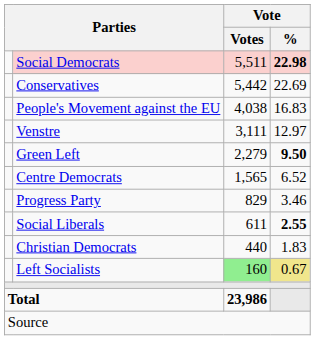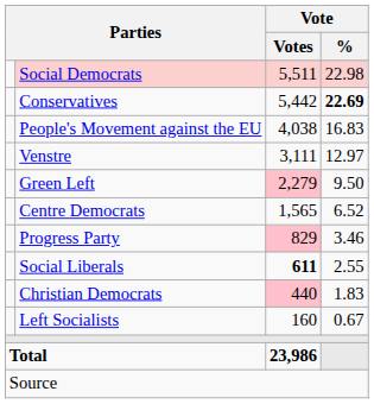 <table class="wikitable" style="text-align:right;">
 <tr>
 <th style="text-align:centre;" rowspan="2" colspan="2" width="225">Parties</th>
 <th colspan="3">Vote</th>
 </tr>
 <tr>
 <th width="15">Votes</th>
 <th width="15">%</th>
 </tr>
 <tr>
 <td width="2" style="color:inherit;background:"></td>
 <td bgcolor=#fbd0ce   align="left"><a href='#'>Social Democrats</a></td>
 <td bgcolor=#fbd0ce>5,511</td>
-<td bgcolor=#fbd0ce><strong>22.98</strong></td>
+<td bgcolor=#fbd0ce>22.98</td>
 </tr>
 <tr>
 <td width="2" style="color:inherit;background:"></td>
 <td align="left"><a href='#'>Conservatives</a></td>
 <td>5,442</td>
-<td>22.69</td>
+<td><strong>22.69</strong></td>
 </tr>
 <tr>
 <td width="2" style="color:inherit;background:"></td>
 <td align="left"><a href='#'>People's Movement against the EU</a></td>
 <td>4,038</td>
 <td>16.83</td>
 </tr>
 <tr>
 <td width="2" style="color:inherit;background:"></td>
 <td align="left"><a href='#'>Venstre</a></td>
 <td>3,111</td>
 <td>12.97</td>
 </tr>
 <tr>
 <td width="2" style="color:inherit;background:"></td>
 <td align="left"><a href='#'>Green Left</a></td>
-<td>2,279</td>
-<td><strong>9.50</strong></td>
+<td style="background: pink;">2,279</td>
+<td>9.50</td>
 </tr>
 <tr>
 <td width="2" style="color:inherit;background:"></td>
 <td align="left"><a href='#'>Centre Democrats</a></td>
 <td>1,565</td>
 <td>6.52</td>
 </tr>
 <tr>
 <td width="2" style="color:inherit;background:"></td>
 <td align="left"><a href='#'>Progress Party</a></td>
-<td>829</td>
+<td style="background: pink;">829</td>
 <td>3.46</td>
 </tr>
 <tr>
 <td width="2" style="color:inherit;background:"></td>
 <td align="left"><a href='#'>Social Liberals</a></td>
-<td>611</td>
-<td><strong>2.55</strong></td>
+<td><strong>611</strong></td>
+<td>2.55</td>
 </tr>
 <tr>
 <td width="2" style="color:inherit;background:"></td>
 <td align="left"><a href='#'>Christian Democrats</a></td>
-<td>440</td>
+<td style="background: pink;">440</td>
 <td>1.83</td>
 </tr>
 <tr>
 <td width="2" style="color:inherit;background:"></td>
 <td align="left"><a href='#'>Left Socialists</a></td>
-<td style="background: lightgreen;">160</td>
-<td style="background: khaki;">0.67</td>
+<td>160</td>
+<td>0.67</td>
 </tr>
 <tr>
 <td colspan="7" bgcolor="#E9E9E9"></td>
 </tr>
 <tr>
 <td align="left" colspan="2"><strong>Total</strong></td>
 <td><strong>23,986</strong></td>
 <td bgcolor="#E9E9E9" colspan="2"></td>
 </tr>
 <tr>
 <td align="left" colspan="6">Source</td>
 </tr>
 </table>
